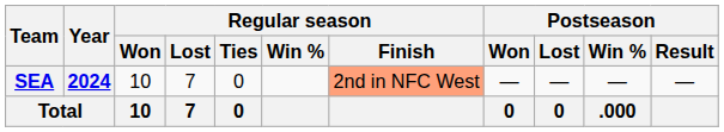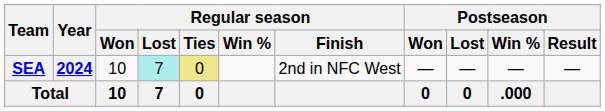 <table class="wikitable" style="font-size: 95%; text-align:center;">
 <tr>
 <th rowspan="2">Team</th>
 <th rowspan="2">Year</th>
 <th colspan="5">Regular season</th>
 <th colspan="4">Postseason</th>
 </tr>
 <tr>
 <th>Won</th>
 <th>Lost</th>
 <th>Ties</th>
 <th>Win %</th>
 <th>Finish</th>
 <th>Won</th>
 <th>Lost</th>
 <th>Win %</th>
 <th>Result</th>
 </tr>
 <tr>
 <th><a href='#'>SEA</a></th>
 <th><a href='#'>2024</a></th>
 <td>10</td>
-<td>7</td>
-<td>0</td>
+<td style="background: paleturquoise;">7</td>
+<td style="background: khaki;">0</td>
 <td></td>
-<td style="background: lightsalmon;">2nd in NFC West</td>
+<td>2nd in NFC West</td>
 <td>—</td>
 <td>—</td>
 <td>—</td>
 <td>—</td>
 </tr>
 <tr>
 <th colspan="2">Total</th>
 <th>10</th>
 <th>7</th>
 <th>0</th>
 <th></th>
 <th></th>
 <th>0</th>
 <th>0</th>
 <th>.000</th>
 <th></th>
 </tr>
 </table>
